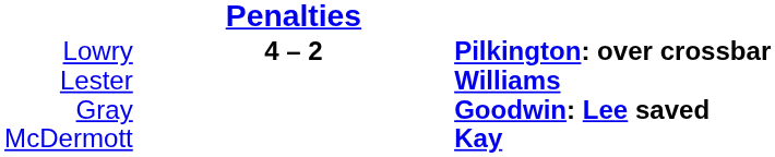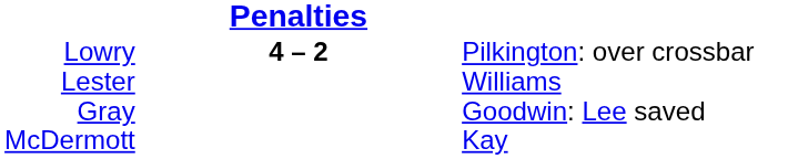 <table cellspacing=0 style="width: 100%;">
 <tr>
 <td align=center rowspan=2 width=15%> </td>
 <td width=24%> </td>
 <td width=13% align=center><strong><a href='#'>Penalties</a></strong></td>
 <td width=24%> </td>
 </tr>
 <tr style=font-size:85%>
 <td align=right valign=top><a href='#'>Lowry</a>  <br> <a href='#'>Lester</a>  <br> <a href='#'>Gray</a>  <br> <a href='#'>McDermott</a> </td>
 <td align=center valign=top><strong>4 – 2</strong></td>
-<td valign=top><strong> <a href='#'>Pilkington</a>: over crossbar <br>  <a href='#'>Williams</a> <br>  <a href='#'>Goodwin</a>: <a href='#'>Lee</a> saved <br>  <a href='#'>Kay</a></strong></td>
+<td valign=top> <a href='#'>Pilkington</a>: over crossbar <br>  <a href='#'>Williams</a> <br>  <a href='#'>Goodwin</a>: <a href='#'>Lee</a> saved <br>  <a href='#'>Kay</a></td>
 <td> </td>
 </tr>
 </table>
